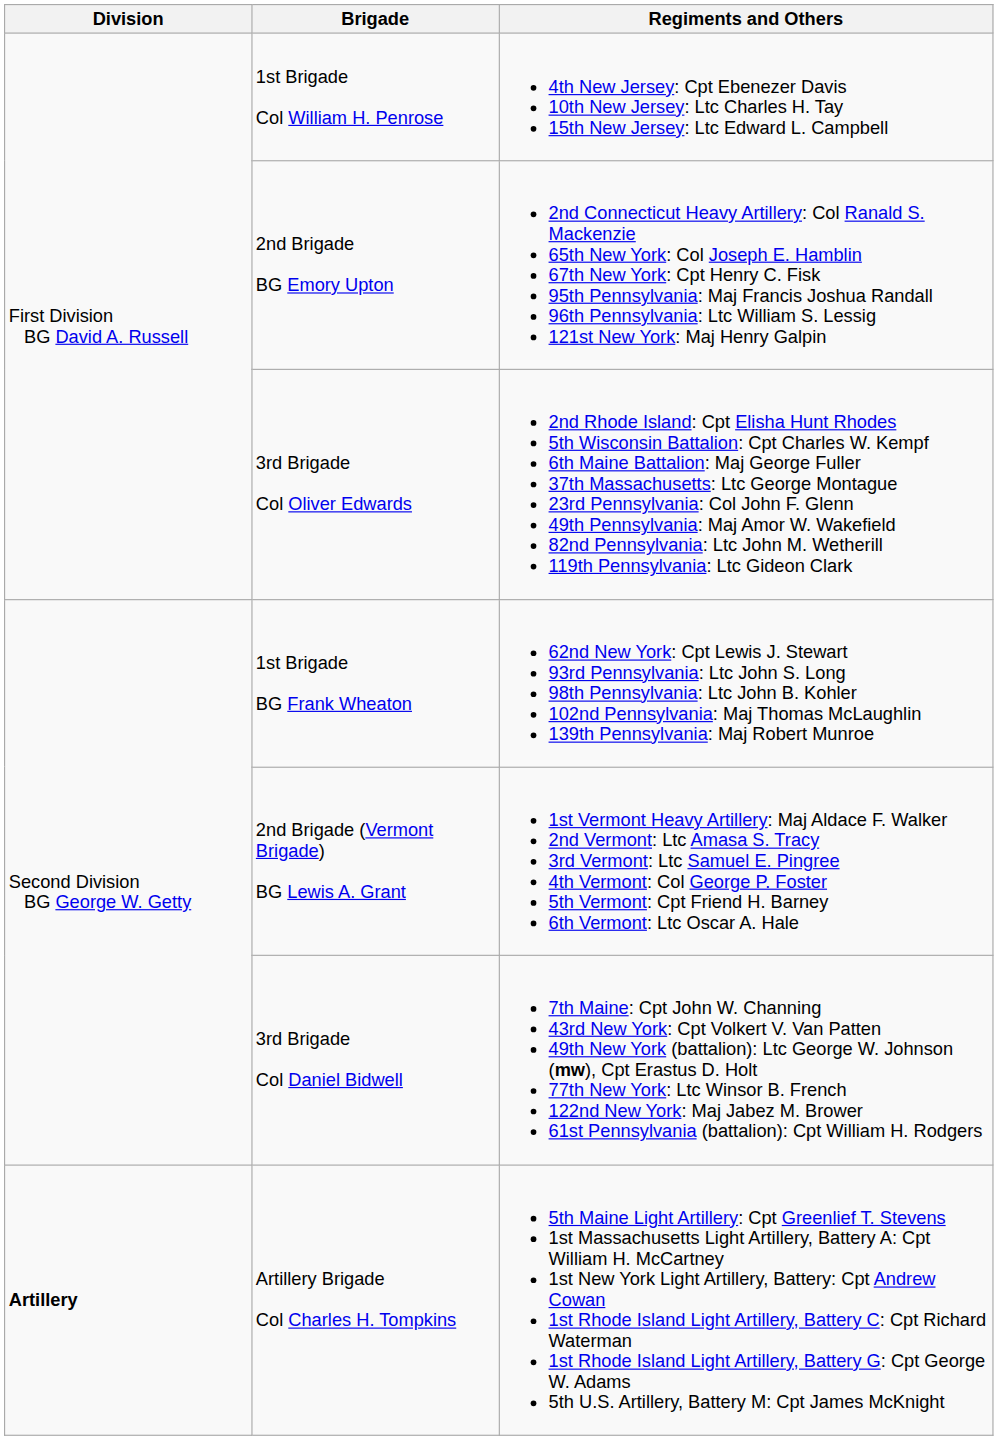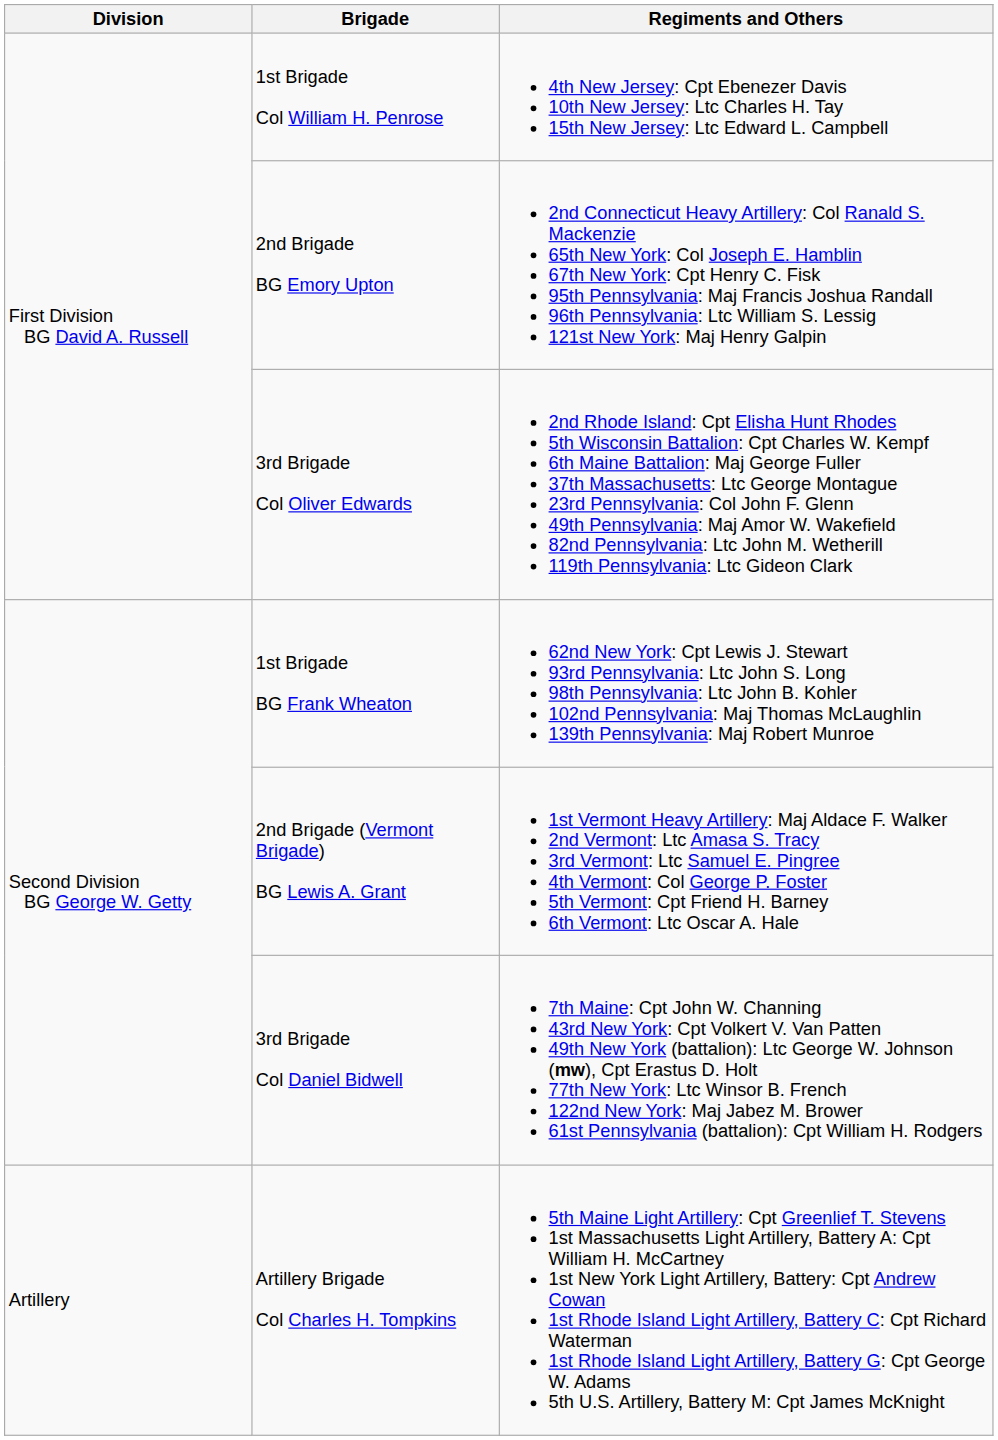 <table class="wikitable">
 <tr>
 <th width=25%>Division</th>
 <th width=25%>Brigade</th>
 <th>Regiments and Others</th>
 </tr>
 <tr>
 <td rowspan=3><br>First Division <br>   BG <a href='#'>David A. Russell</a></td>
 <td>1st Brigade<br><br> Col <a href='#'>William H. Penrose</a></td>
 <td><br><ul><li><a href='#'>4th New Jersey</a>: Cpt Ebenezer Davis</li><li><a href='#'>10th New Jersey</a>: Ltc Charles H. Tay</li><li><a href='#'>15th New Jersey</a>: Ltc Edward L. Campbell</li></ul></td>
 </tr>
 <tr>
 <td>2nd Brigade<br><br> BG <a href='#'>Emory Upton</a></td>
 <td><br><ul><li><a href='#'>2nd Connecticut Heavy Artillery</a>: Col <a href='#'>Ranald S. Mackenzie</a></li><li><a href='#'>65th New York</a>: Col <a href='#'>Joseph E. Hamblin</a></li><li><a href='#'>67th New York</a>: Cpt Henry C. Fisk</li><li><a href='#'>95th Pennsylvania</a>: Maj Francis Joshua Randall</li><li><a href='#'>96th Pennsylvania</a>: Ltc William S. Lessig</li><li><a href='#'>121st New York</a>: Maj Henry Galpin</li></ul></td>
 </tr>
 <tr>
 <td>3rd Brigade<br><br> Col <a href='#'>Oliver Edwards</a></td>
 <td><br><ul><li><a href='#'>2nd Rhode Island</a>: Cpt <a href='#'>Elisha Hunt Rhodes</a></li><li><a href='#'>5th Wisconsin Battalion</a>: Cpt Charles W. Kempf</li><li><a href='#'>6th Maine Battalion</a>: Maj George Fuller</li><li><a href='#'>37th Massachusetts</a>: Ltc George Montague</li><li><a href='#'>23rd Pennsylvania</a>: Col John F. Glenn</li><li><a href='#'>49th Pennsylvania</a>: Maj Amor W. Wakefield</li><li><a href='#'>82nd Pennsylvania</a>: Ltc John M. Wetherill</li><li><a href='#'>119th Pennsylvania</a>: Ltc Gideon Clark</li></ul></td>
 </tr>
 <tr>
 <td rowspan=3><br>Second Division <br>   BG <a href='#'>George W. Getty</a> <br></td>
 <td>1st Brigade<br><br> BG <a href='#'>Frank Wheaton</a></td>
 <td><br><ul><li><a href='#'>62nd New York</a>: Cpt Lewis J. Stewart</li><li><a href='#'>93rd Pennsylvania</a>: Ltc John S. Long</li><li><a href='#'>98th Pennsylvania</a>: Ltc John B. Kohler</li><li><a href='#'>102nd Pennsylvania</a>: Maj Thomas McLaughlin</li><li><a href='#'>139th Pennsylvania</a>: Maj Robert Munroe</li></ul></td>
 </tr>
 <tr>
 <td>2nd Brigade (<a href='#'>Vermont Brigade</a>)<br><br> BG <a href='#'>Lewis A. Grant</a></td>
 <td><br><ul><li><a href='#'>1st Vermont Heavy Artillery</a>: Maj Aldace F. Walker</li><li><a href='#'>2nd Vermont</a>: Ltc <a href='#'>Amasa S. Tracy</a></li><li><a href='#'>3rd Vermont</a>: Ltc <a href='#'>Samuel E. Pingree</a></li><li><a href='#'>4th Vermont</a>: Col <a href='#'>George P. Foster</a></li><li><a href='#'>5th Vermont</a>: Cpt Friend H. Barney</li><li><a href='#'>6th Vermont</a>: Ltc Oscar A. Hale</li></ul></td>
 </tr>
 <tr>
 <td>3rd Brigade<br><br> Col <a href='#'>Daniel Bidwell</a></td>
 <td><br><ul><li><a href='#'>7th Maine</a>: Cpt John W. Channing</li><li><a href='#'>43rd New York</a>: Cpt Volkert V. Van Patten</li><li><a href='#'>49th New York</a> (battalion): Ltc George W. Johnson (<strong>mw</strong>), Cpt Erastus D. Holt</li><li><a href='#'>77th New York</a>: Ltc Winsor B. French</li><li><a href='#'>122nd New York</a>: Maj Jabez M. Brower</li><li><a href='#'>61st Pennsylvania</a> (battalion): Cpt William H. Rodgers</li></ul></td>
 </tr>
 <tr>
-<td><strong>Artillery</strong></td>
+<td>Artillery</td>
 <td>Artillery Brigade<br><br> Col <a href='#'>Charles H. Tompkins</a></td>
 <td><br><ul><li><a href='#'>5th Maine Light Artillery</a>: Cpt <a href='#'>Greenlief T. Stevens</a></li><li>1st Massachusetts Light Artillery, Battery A: Cpt William H. McCartney</li><li>1st New York Light Artillery, Battery: Cpt <a href='#'>Andrew Cowan</a></li><li><a href='#'>1st Rhode Island Light Artillery, Battery C</a>: Cpt Richard Waterman</li><li><a href='#'>1st Rhode Island Light Artillery, Battery G</a>: Cpt George W. Adams</li><li>5th U.S. Artillery, Battery M: Cpt James McKnight</li></ul></td>
 </tr>
 </table>
